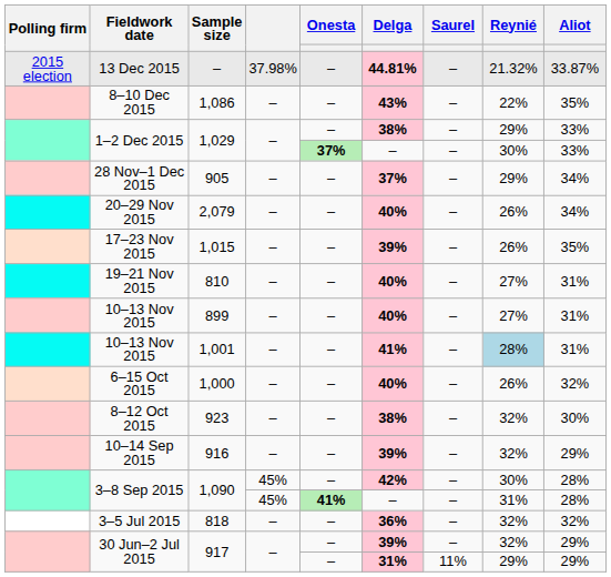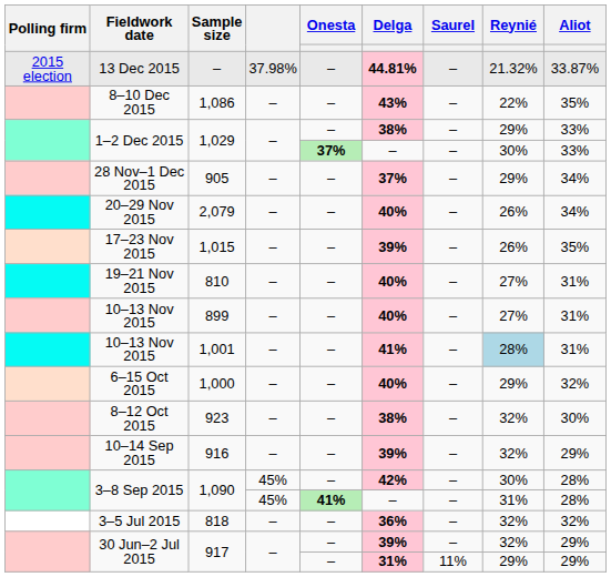 <table class="wikitable sortable" style="text-align:center;font-size:90%;line-height:14px;">
 <tr style="height:40px;">
 <th style="width:100px;" rowspan="2">Polling firm</th>
 <th style="width:110px;" rowspan="2">Fieldwork date</th>
 <th style="width:35px;" rowspan="2">Sample<br>size</th>
 <th style="width:30px;" rowspan="2"></th>
 <th class="unsortable" style="width:60px;"><a href='#'>Onesta</a><br></th>
 <th class="unsortable" style="width:60px;"><a href='#'>Delga</a><br></th>
 <th class="unsortable" style="width:60px;"><a href='#'>Saurel</a><br></th>
 <th class="unsortable" style="width:60px;"><a href='#'>Reynié</a><br></th>
 <th class="unsortable" style="width:60px;"><a href='#'>Aliot</a><br></th>
 </tr>
 <tr>
 <th style="background:"></th>
 <th style="background:"></th>
 <th style="background:"></th>
 <th style="background:"></th>
 <th style="background:"></th>
 </tr>
 <tr style="background:#E9E9E9;">
 <td><a href='#'>2015 election</a></td>
 <td data-sort-value="2015-12-13">13 Dec 2015</td>
 <td>–</td>
 <td>37.98%</td>
 <td>–</td>
 <td style="background:#FFC6D5;"><strong>44.81%</strong></td>
 <td>–</td>
 <td>21.32%</td>
 <td>33.87%</td>
 </tr>
 <tr>
 <td style="background:#FFCCCC;"></td>
 <td data-sort-value="2015-12-10">8–10 Dec 2015</td>
 <td>1,086</td>
 <td>–</td>
 <td>–</td>
 <td style="background:#FFC6D5;"><strong>43%</strong></td>
 <td>–</td>
 <td>22%</td>
 <td>35%</td>
 </tr>
 <tr>
 <td rowspan="2" style="background:aquamarine;"></td>
 <td rowspan="2" data-sort-value="2015-12-02">1–2 Dec 2015</td>
 <td rowspan="2">1,029</td>
 <td rowspan="2">–</td>
 <td>–</td>
 <td style="background:#FFC6D5;"><strong>38%</strong></td>
 <td>–</td>
 <td>29%</td>
 <td>33%</td>
 </tr>
 <tr>
 <td style="background:#B6EDB6;"><strong>37%</strong></td>
 <td>–</td>
 <td>–</td>
 <td>30%</td>
 <td>33%</td>
 </tr>
 <tr>
 <td style="background:#FFCCCC;"></td>
 <td data-sort-value="2015-12-01">28 Nov–1 Dec 2015</td>
 <td>905</td>
 <td>–</td>
 <td>–</td>
 <td style="background:#FFC6D5;"><strong>37%</strong></td>
 <td>–</td>
 <td>29%</td>
 <td>34%</td>
 </tr>
 <tr>
 <td style="background:#04FBF4;"></td>
 <td data-sort-value="2015-11-29">20–29 Nov 2015</td>
 <td>2,079</td>
 <td>–</td>
 <td>–</td>
 <td style="background:#FFC6D5;"><strong>40%</strong></td>
 <td>–</td>
 <td>26%</td>
 <td>34%</td>
 </tr>
 <tr>
 <td style="background:#FFDFCC;"></td>
 <td data-sort-value="2015-11-23">17–23 Nov 2015</td>
 <td>1,015</td>
 <td>–</td>
 <td>–</td>
 <td style="background:#FFC6D5;"><strong>39%</strong></td>
 <td>–</td>
 <td>26%</td>
 <td>35%</td>
 </tr>
 <tr>
 <td style="background:#04FBF4;"></td>
 <td data-sort-value="2015-11-21">19–21 Nov 2015</td>
 <td>810</td>
 <td>–</td>
 <td>–</td>
 <td style="background:#FFC6D5;"><strong>40%</strong></td>
 <td>–</td>
 <td>27%</td>
 <td>31%</td>
 </tr>
 <tr>
 <td style="background:#FFCCCC;"></td>
 <td data-sort-value="2015-11-13">10–13 Nov 2015</td>
 <td>899</td>
 <td>–</td>
 <td>–</td>
 <td style="background:#FFC6D5;"><strong>40%</strong></td>
 <td>–</td>
 <td>27%</td>
 <td>31%</td>
 </tr>
 <tr>
 <td style="background:#04FBF4;"></td>
 <td data-sort-value="2015-11-13">10–13 Nov 2015</td>
 <td>1,001</td>
 <td>–</td>
 <td>–</td>
 <td style="background:#FFC6D5;"><strong>41%</strong></td>
 <td>–</td>
 <td style="background: lightblue;">28%</td>
 <td>31%</td>
 </tr>
 <tr>
 <td style="background:#FFDFCC;"></td>
 <td data-sort-value="2015-10-15">6–15 Oct 2015</td>
 <td>1,000</td>
 <td>–</td>
 <td>–</td>
 <td style="background:#FFC6D5;"><strong>40%</strong></td>
 <td>–</td>
-<td>26%</td>
+<td>29%</td>
 <td>32%</td>
 </tr>
 <tr>
 <td style="background:#FFCCCC;"></td>
 <td data-sort-value="2015-10-12">8–12 Oct 2015</td>
 <td>923</td>
 <td>–</td>
 <td>–</td>
 <td style="background:#FFC6D5;"><strong>38%</strong></td>
 <td>–</td>
 <td>32%</td>
 <td>30%</td>
 </tr>
 <tr>
 <td style="background:#FFCCCC;"></td>
 <td data-sort-value="2015-09-14">10–14 Sep 2015</td>
 <td>916</td>
 <td>–</td>
 <td>–</td>
 <td style="background:#FFC6D5;"><strong>39%</strong></td>
 <td>–</td>
 <td>32%</td>
 <td>29%</td>
 </tr>
 <tr>
 <td rowspan="2" style="background:aquamarine;"></td>
 <td rowspan="2" data-sort-value="2015-09-08">3–8 Sep 2015</td>
 <td rowspan="2">1,090</td>
 <td>45%</td>
 <td>–</td>
 <td style="background:#FFC6D5;"><strong>42%</strong></td>
 <td>–</td>
 <td>30%</td>
 <td>28%</td>
 </tr>
 <tr>
 <td>45%</td>
 <td style="background:#B6EDB6;"><strong>41%</strong></td>
 <td>–</td>
 <td>–</td>
 <td>31%</td>
 <td>28%</td>
 </tr>
 <tr>
 <td style="background:#FFFFFF;"></td>
 <td data-sort-value="2015-07-05">3–5 Jul 2015</td>
 <td>818</td>
 <td>–</td>
 <td>–</td>
 <td style="background:#FFC6D5;"><strong>36%</strong></td>
 <td>–</td>
 <td>32%</td>
 <td>32%</td>
 </tr>
 <tr>
 <td rowspan="2" style="background:#FFCCCC;"></td>
 <td rowspan="2" data-sort-value="2015-07-02">30 Jun–2 Jul 2015</td>
 <td rowspan="2">917</td>
 <td rowspan="2">–</td>
 <td>–</td>
 <td style="background:#FFC6D5;"><strong>39%</strong></td>
 <td>–</td>
 <td>32%</td>
 <td>29%</td>
 </tr>
 <tr>
 <td>–</td>
 <td style="background:#FFC6D5;"><strong>31%</strong></td>
 <td>11%</td>
 <td>29%</td>
 <td>29%</td>
 </tr>
 </table>
